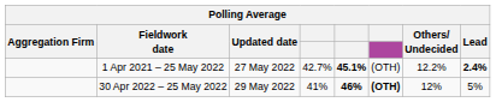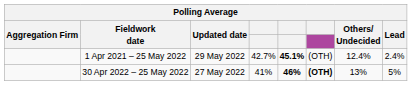 <table class="wikitable sortable" style="text-align:center;font-size:90%;line-height:20px">
 <tr>
 <th colspan="13">Polling Average</th>
 </tr>
 <tr>
 <th rowspan="2">Aggregation Firm</th>
 <th rowspan="2" class="unsortable">Fieldwork <br> date</th>
 <th rowspan="2">Updated date</th>
 <th></th>
 <th></th>
 <th></th>
 <th rowspan="2">Others/<br>Undecided</th>
 <th rowspan="2">Lead</th>
 </tr>
 <tr>
 <th class="unsortable" style="background-color: "></th>
 <th class="unsortable" style="background-color: "></th>
 <th class="unsortable" style="background-color:#AD469F"></th>
 </tr>
 <tr>
 <td></td>
 <td>1 Apr 2021 – 25 May 2022</td>
-<td>27 May 2022</td>
+<td>29 May 2022</td>
 <td>42.7%</td>
 <td><strong>45.1%</strong></td>
 <td>(OTH)</td>
-<td>12.2%</td>
-<td style="background:"><strong>2.4%</strong></td>
+<td>12.4%</td>
+<td style="background:">2.4%</td>
 </tr>
 <tr>
 <td></td>
 <td>30 Apr 2022 – 25 May 2022</td>
-<td>29 May 2022</td>
+<td>27 May 2022</td>
 <td>41%</td>
 <td><strong>46%</strong></td>
 <td><strong>(OTH)</strong></td>
-<td>12%</td>
+<td>13%</td>
 <td style="background:">5%</td>
 </tr>
 </table>
